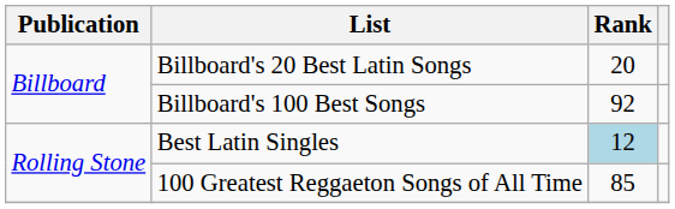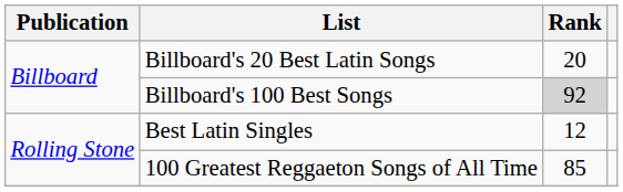 <table class="sortable wikitable">
 <tr>
 <th>Publication</th>
 <th>List</th>
 <th>Rank</th>
 <th class="unsortable"></th>
 </tr>
 <tr>
 <td rowspan="2"><em><a href='#'>Billboard</a></em></td>
 <td>Billboard's 20 Best Latin Songs</td>
 <td style="text-align:center">20</td>
 <td style="text-align:center;"></td>
 </tr>
 <tr>
 <td>Billboard's 100 Best Songs</td>
-<td style="text-align:center">92</td>
+<td style="background: lightgrey; text-align:center">92</td>
 <td style="text-align:center;"></td>
 </tr>
 <tr>
 <td rowspan="2"><em><a href='#'>Rolling Stone</a></em></td>
 <td>Best Latin Singles</td>
-<td style="background: lightblue; text-align:center">12</td>
+<td style="text-align:center">12</td>
 <td style="text-align:center;"></td>
 </tr>
 <tr>
 <td>100 Greatest Reggaeton Songs of All Time</td>
 <td style="text-align:center">85</td>
 <td style="text-align:center;"></td>
 </tr>
 <tr>
 </tr>
 </table>
